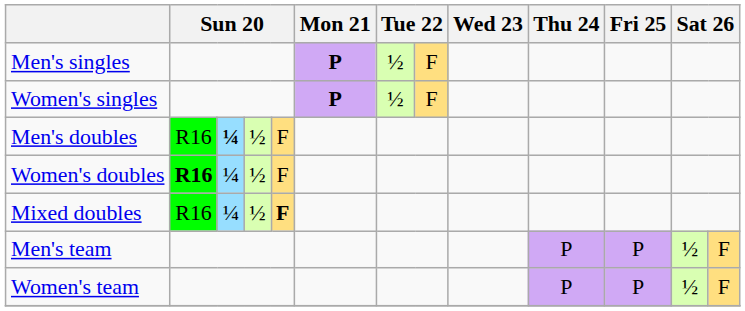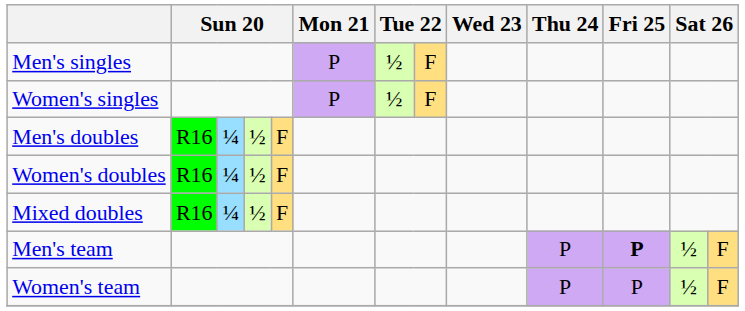 <table class="wikitable" style="margin:0.5em auto; font-size:90%; line-height:1.25em;">
 <tr style="text-align:center;">
 <th></th>
 <th colspan="4">Sun 20</th>
 <th>Mon 21</th>
 <th colspan="2">Tue 22</th>
 <th>Wed 23</th>
 <th>Thu 24</th>
 <th>Fri 25</th>
 <th colspan="2">Sat 26</th>
 </tr>
 <tr style="text-align:center;">
 <td style="text-align:left;"><a href='#'>Men's singles</a></td>
 <td colspan="4"></td>
-<td style="background-color:#D0A9F5;"><strong>P</strong></td>
+<td style="background-color:#D0A9F5;">P</td>
 <td style="background-color:#D9FFB2;">½</td>
 <td style="background-color:#FFDF80;">F</td>
 <td></td>
 <td></td>
 <td></td>
 <td colspan="2"></td>
 </tr>
 <tr style="text-align:center;">
 <td style="text-align:left;"><a href='#'>Women's singles</a></td>
 <td colspan="4"></td>
-<td style="background-color:#D0A9F5;"><strong>P</strong></td>
+<td style="background-color:#D0A9F5;">P</td>
 <td style="background-color:#D9FFB2;">½</td>
 <td style="background-color:#FFDF80;">F</td>
 <td></td>
 <td></td>
 <td></td>
 <td colspan="2"></td>
 </tr>
 <tr style="text-align:center;">
 <td style="text-align:left;"><a href='#'>Men's doubles</a></td>
 <td style="background-color:#00FF00;text-align:center;">R16</td>
-<td style="background-color:#97DEFF;text-align:center;"><strong>¼</strong></td>
+<td style="background-color:#97DEFF;text-align:center;">¼</td>
 <td style="background-color:#D9FFB2;">½</td>
 <td style="background-color:#FFDF80;">F</td>
 <td></td>
 <td colspan="2"></td>
 <td></td>
 <td></td>
 <td></td>
 <td colspan="2"></td>
 </tr>
 <tr style="text-align:center;">
 <td style="text-align:left;"><a href='#'>Women's doubles</a></td>
-<td style="background-color:#00FF00;text-align:center;"><strong>R16</strong></td>
+<td style="background-color:#00FF00;text-align:center;">R16</td>
 <td style="background-color:#97DEFF;text-align:center;">¼</td>
 <td style="background-color:#D9FFB2;">½</td>
 <td style="background-color:#FFDF80;">F</td>
 <td></td>
 <td colspan="2"></td>
 <td></td>
 <td></td>
 <td></td>
 <td colspan="2"></td>
 </tr>
 <tr style="text-align:center;">
 <td style="text-align:left;"><a href='#'>Mixed doubles</a></td>
 <td style="background-color:#00FF00;text-align:center;">R16</td>
 <td style="background-color:#97DEFF;text-align:center;">¼</td>
 <td style="background-color:#D9FFB2;">½</td>
-<td style="background-color:#FFDF80;"><strong>F</strong></td>
+<td style="background-color:#FFDF80;">F</td>
 <td></td>
 <td colspan="2"></td>
 <td></td>
 <td></td>
 <td></td>
 <td colspan="2"></td>
 </tr>
 <tr style="text-align:center;">
 <td style="text-align:left;"><a href='#'>Men's team</a></td>
 <td colspan="4"></td>
 <td></td>
 <td colspan="2"></td>
 <td></td>
 <td style="background-color:#D0A9F5;">P</td>
-<td style="background-color:#D0A9F5;">P</td>
+<td style="background-color:#D0A9F5;"><strong>P</strong></td>
 <td style="background-color:#D9FFB2;">½</td>
 <td style="background-color:#FFDF80;">F</td>
 </tr>
 <tr style="text-align:center;">
 <td style="text-align:left;"><a href='#'>Women's team</a></td>
 <td colspan="4"></td>
 <td></td>
 <td colspan="2"></td>
 <td></td>
 <td style="background-color:#D0A9F5;">P</td>
 <td style="background-color:#D0A9F5;">P</td>
 <td style="background-color:#D9FFB2;">½</td>
 <td style="background-color:#FFDF80;">F</td>
 </tr>
 <tr style="text-align:center;">
 </tr>
 </table>
